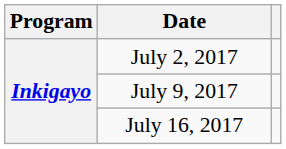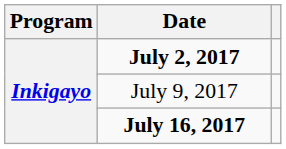 <table class="wikitable plainrowheaders" style="text-align:center;">
 <tr>
 <th scope="col">Program</th>
 <th scope="col" width="120">Date</th>
 <th></th>
 </tr>
 <tr>
 <th scope="row" rowspan="3"><em><a href='#'>Inkigayo</a></em></th>
-<td>July 2, 2017</td>
+<td><strong>July 2, 2017</strong></td>
 <td></td>
 </tr>
 <tr>
 <td>July 9, 2017</td>
 <td></td>
 </tr>
 <tr>
-<td>July 16, 2017</td>
+<td><strong>July 16, 2017</strong></td>
 <td></td>
 </tr>
 </table>
